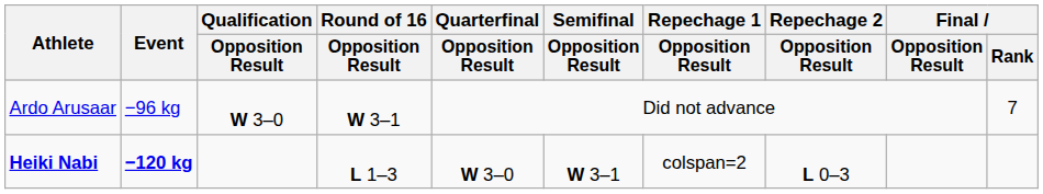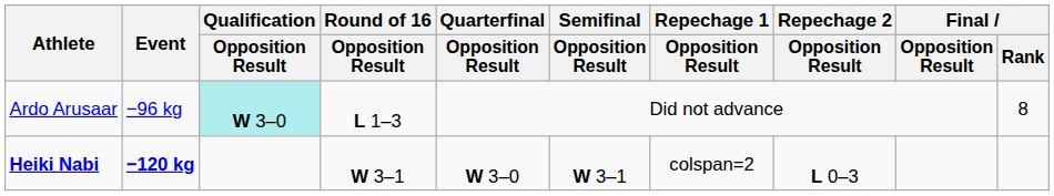 <table class="wikitable" style="font-size:90%">
 <tr>
 <th rowspan=2>Athlete</th>
 <th rowspan=2>Event</th>
 <th>Qualification</th>
 <th>Round of 16</th>
 <th>Quarterfinal</th>
 <th>Semifinal</th>
 <th>Repechage 1</th>
 <th>Repechage 2</th>
 <th colspan=2>Final / </th>
 </tr>
 <tr style="font-size: 95%">
 <th>Opposition<br>Result</th>
 <th>Opposition<br>Result</th>
 <th>Opposition<br>Result</th>
 <th>Opposition<br>Result</th>
 <th>Opposition<br>Result</th>
 <th>Opposition<br>Result</th>
 <th>Opposition<br>Result</th>
 <th>Rank</th>
 </tr>
 <tr align=center>
 <td align=left><a href='#'>Ardo Arusaar</a></td>
 <td align=left><a href='#'>−96 kg</a></td>
-<td><br><strong>W</strong> 3–0 <sup></sup></td>
-<td><br><strong>W</strong> 3–1 <sup></sup></td>
+<td style="background: paleturquoise;"><br><strong>W</strong> 3–0 <sup></sup></td>
+<td><br><strong>L</strong> 1–3 <sup></sup></td>
 <td colspan=5>Did not advance</td>
-<td>7</td>
+<td>8</td>
 </tr>
 <tr align=center>
 <td align=left><strong><a href='#'>Heiki Nabi</a></strong></td>
 <td align=left><strong><a href='#'>−120 kg</a></strong></td>
 <td></td>
-<td><br><strong>L</strong> 1–3 <sup></sup></td>
+<td><br><strong>W</strong> 3–1 <sup></sup></td>
 <td><br><strong>W</strong> 3–0 <sup></sup></td>
 <td><br><strong>W</strong> 3–1 <sup></sup></td>
 <td>colspan=2 </td>
 <td><br><strong>L</strong> 0–3 <sup></sup></td>
 <td></td>
 </tr>
 </table>
